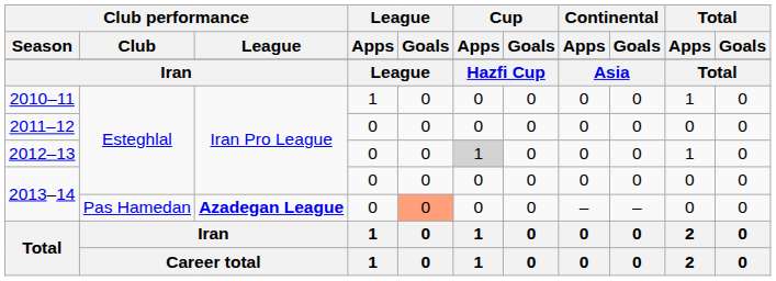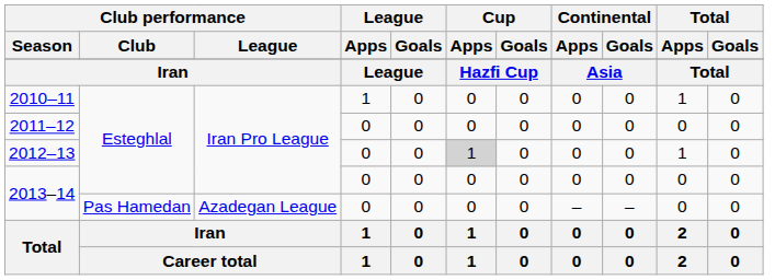 <table class="wikitable" style="text-align:center">
 <tr>
 <th colspan=3>Club performance</th>
 <th colspan=2>League</th>
 <th colspan=2>Cup</th>
 <th colspan=2>Continental</th>
 <th colspan=2>Total</th>
 </tr>
 <tr>
 <th>Season</th>
 <th>Club</th>
 <th>League</th>
 <th>Apps</th>
 <th>Goals</th>
 <th>Apps</th>
 <th>Goals</th>
 <th>Apps</th>
 <th>Goals</th>
 <th>Apps</th>
 <th>Goals</th>
 </tr>
 <tr>
 </tr>
 <tr>
 <th colspan=3>Iran</th>
 <th colspan=2>League</th>
 <th colspan=2><a href='#'>Hazfi Cup</a></th>
 <th colspan=2><a href='#'>Asia</a></th>
 <th colspan=2>Total</th>
 </tr>
 <tr>
 <td><a href='#'>2010–11</a></td>
 <td rowspan="4"><a href='#'>Esteghlal</a></td>
 <td rowspan="4"><a href='#'>Iran Pro League</a></td>
 <td>1</td>
 <td>0</td>
 <td>0</td>
 <td>0</td>
 <td>0</td>
 <td>0</td>
 <td>1</td>
 <td>0</td>
 </tr>
 <tr>
 <td><a href='#'>2011–12</a></td>
 <td>0</td>
 <td>0</td>
 <td>0</td>
 <td>0</td>
 <td>0</td>
 <td>0</td>
 <td>0</td>
 <td>0</td>
 </tr>
 <tr>
 <td><a href='#'>2012–13</a></td>
 <td>0</td>
 <td>0</td>
 <td style="background: lightgrey;">1</td>
 <td>0</td>
 <td>0</td>
 <td>0</td>
 <td>1</td>
 <td>0</td>
 </tr>
 <tr>
 <td rowspan="2"><a href='#'>2013</a>–<a href='#'>14</a></td>
 <td>0</td>
 <td>0</td>
 <td>0</td>
 <td>0</td>
 <td>0</td>
 <td>0</td>
 <td>0</td>
 <td>0</td>
 </tr>
 <tr>
 <td><a href='#'>Pas Hamedan</a></td>
-<td><strong><a href='#'>Azadegan League</a></strong></td>
+<td><a href='#'>Azadegan League</a></td>
 <td>0</td>
-<td style="background: lightsalmon;">0</td>
+<td>0</td>
 <td>0</td>
 <td>0</td>
 <td>–</td>
 <td>–</td>
 <td>0</td>
 <td>0</td>
 </tr>
 <tr>
 <th rowspan=2>Total</th>
 <th colspan=2>Iran</th>
 <th>1</th>
 <th>0</th>
 <th>1</th>
 <th>0</th>
 <th>0</th>
 <th>0</th>
 <th>2</th>
 <th>0</th>
 </tr>
 <tr>
 <th colspan=2>Career total</th>
 <th>1</th>
 <th>0</th>
 <th>1</th>
 <th>0</th>
 <th>0</th>
 <th>0</th>
 <th>2</th>
 <th>0</th>
 </tr>
 </table>
